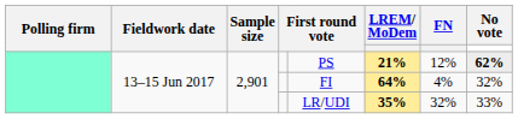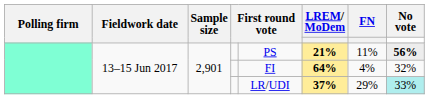 <table class="wikitable sortable" style="text-align:center;font-size:90%;line-height:14px;">
 <tr style="height:40px;">
 <th style="width:100px;" rowspan="2">Polling firm</th>
 <th style="width:110px;" rowspan="2">Fieldwork date</th>
 <th style="width:35px;" rowspan="2">Sample<br>size</th>
 <th style="width:80px;" rowspan="2" colspan="2">First round vote</th>
 <th class="unsortable" style="width:40px;"><a href='#'>LREM</a>/<br><a href='#'>MoDem</a></th>
 <th class="unsortable" style="width:40px;"><a href='#'>FN</a></th>
 <th class="unsortable" style="width:40px;">No vote</th>
 </tr>
 <tr>
 <th style="background:"></th>
 <th style="background:"></th>
 <th style="background:#FFFFFF;"></th>
 </tr>
 <tr>
 <td rowspan="3" style="background:aquamarine;"></td>
 <td rowspan="3" data-sort-value="2017-06-15">13–15 Jun 2017</td>
 <td rowspan="3">2,901</td>
 <td style="background:"></td>
 <td data-sort-value="1"><a href='#'>PS</a></td>
 <td style="background:#FFED99;"><strong>21%</strong></td>
-<td>12%</td>
-<td style="background:#EDEDED;"><strong>62%</strong></td>
+<td>11%</td>
+<td style="background:#EDEDED;"><strong>56%</strong></td>
 </tr>
 <tr>
 <td style="background:"></td>
 <td data-sort-value="0"><a href='#'>FI</a></td>
 <td style="background:#FFED99;"><strong>64%</strong></td>
 <td>4%</td>
 <td>32%</td>
 </tr>
 <tr>
 <td style="background:"></td>
 <td data-sort-value="3"><a href='#'>LR</a>/<a href='#'>UDI</a></td>
-<td style="background:#FFED99;"><strong>35%</strong></td>
-<td>32%</td>
-<td>33%</td>
+<td style="background:#FFED99;"><strong>37%</strong></td>
+<td>29%</td>
+<td style="background: paleturquoise;">33%</td>
 </tr>
 </table>
